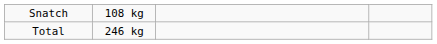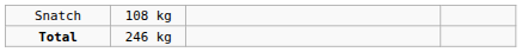 <table class = "wikitable" style="text-align:center;">
 <tr>
 <td width=100>Snatch</td>
 <td width=70>108 kg</td>
 <td width=250 align=left></td>
 <td width=70></td>
 </tr>
 <tr>
-<td>Total</td>
+<td><strong>Total</strong></td>
 <td>246 kg</td>
 <td align=left></td>
 <td></td>
 </tr>
 </table>
